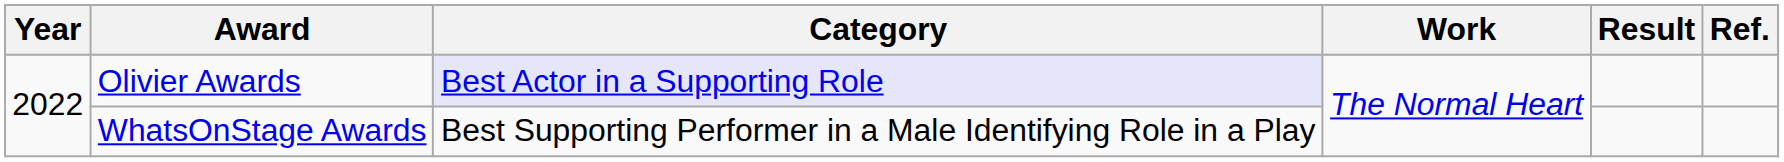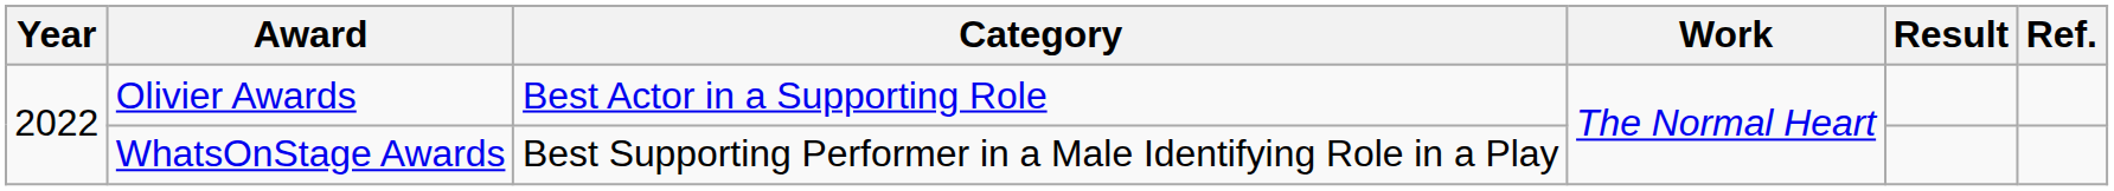 <table class="wikitable">
 <tr>
 <th>Year</th>
 <th>Award</th>
 <th>Category</th>
 <th>Work</th>
 <th>Result</th>
 <th>Ref.</th>
 </tr>
 <tr>
 <td rowspan=2>2022</td>
 <td><a href='#'>Olivier Awards</a></td>
-<td style="background: lavender;"><a href='#'>Best Actor in a Supporting Role</a></td>
+<td><a href='#'>Best Actor in a Supporting Role</a></td>
 <td rowspan=2><em><a href='#'>The Normal Heart</a></em></td>
 <td></td>
 <td></td>
 </tr>
 <tr>
 <td><a href='#'>WhatsOnStage Awards</a></td>
 <td>Best Supporting Performer in a Male Identifying Role in a Play</td>
 <td></td>
 <td></td>
 </tr>
 </table>
